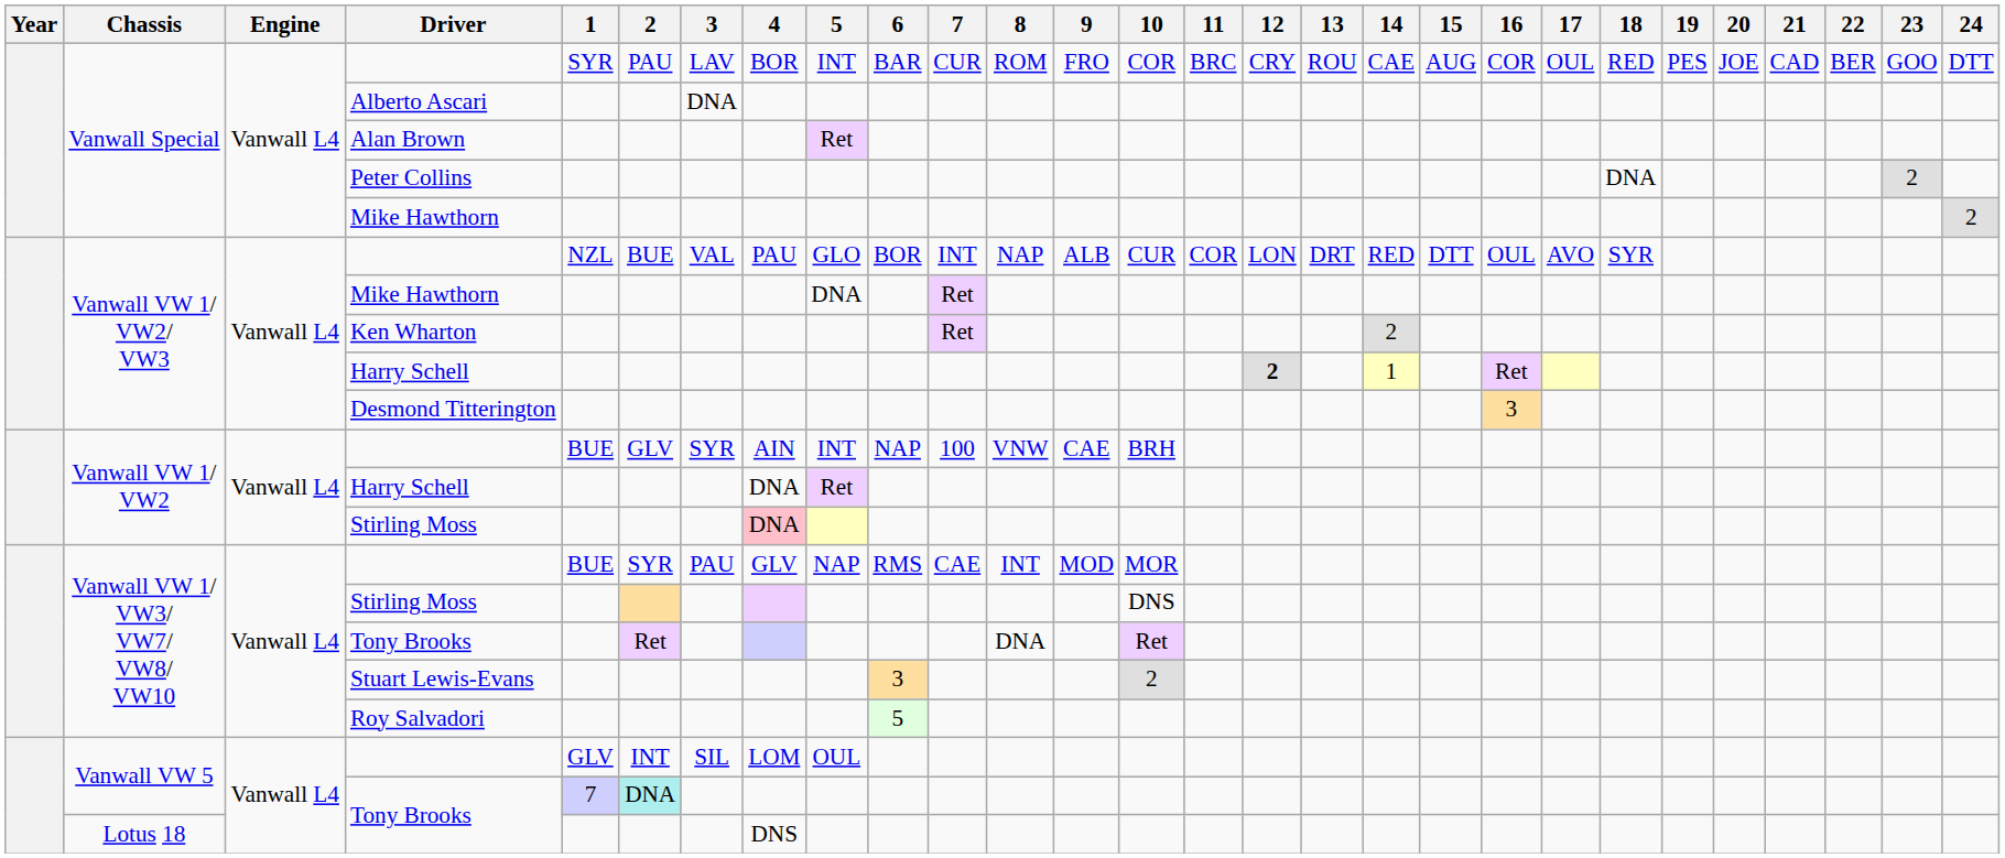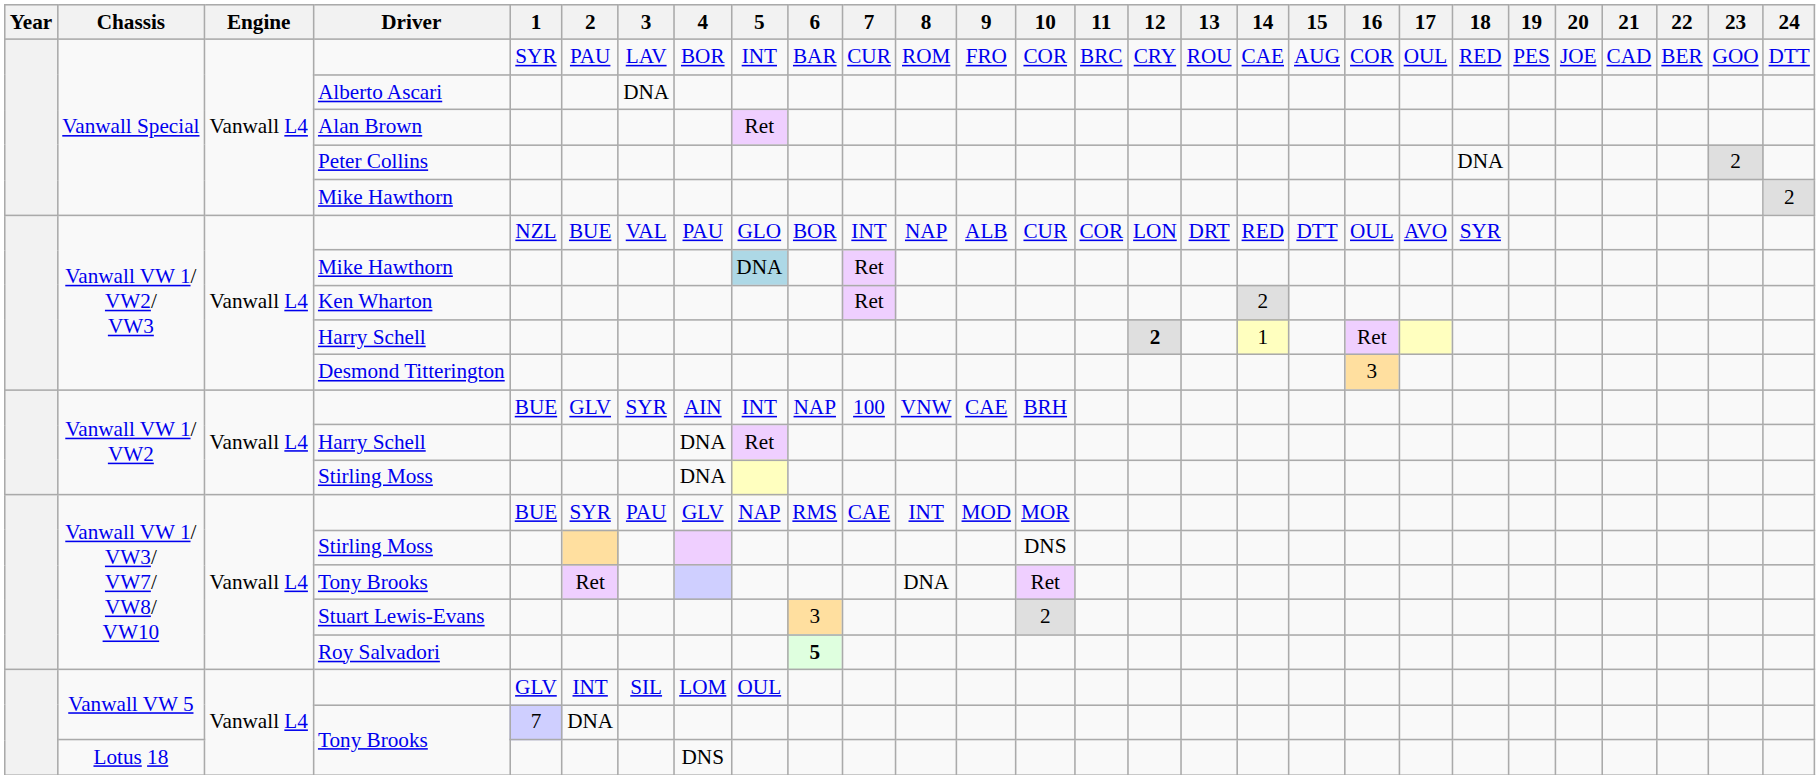 <table class="wikitable" style="text-align:center; font-size:85%">
 <tr>
 <th>Year</th>
 <th>Chassis</th>
 <th>Engine</th>
 <th>Driver</th>
 <th>1</th>
 <th>2</th>
 <th>3</th>
 <th>4</th>
 <th>5</th>
 <th>6</th>
 <th>7</th>
 <th>8</th>
 <th>9</th>
 <th>10</th>
 <th>11</th>
 <th>12</th>
 <th>13</th>
 <th>14</th>
 <th>15</th>
 <th>16</th>
 <th>17</th>
 <th>18</th>
 <th>19</th>
 <th>20</th>
 <th>21</th>
 <th>22</th>
 <th>23</th>
 <th>24</th>
 </tr>
 <tr>
 <th rowspan="5"></th>
 <td rowspan="5"><a href='#'>Vanwall Special</a></td>
 <td rowspan="5">Vanwall <a href='#'>L4</a></td>
 <td></td>
 <td><a href='#'>SYR</a></td>
 <td><a href='#'>PAU</a></td>
 <td><a href='#'>LAV</a></td>
 <td><a href='#'>BOR</a></td>
 <td><a href='#'>INT</a></td>
 <td><a href='#'>BAR</a></td>
 <td><a href='#'>CUR</a></td>
 <td><a href='#'>ROM</a></td>
 <td><a href='#'>FRO</a></td>
 <td><a href='#'>COR</a></td>
 <td><a href='#'>BRC</a></td>
 <td><a href='#'>CRY</a></td>
 <td><a href='#'>ROU</a></td>
 <td><a href='#'>CAE</a></td>
 <td><a href='#'>AUG</a></td>
 <td><a href='#'>COR</a></td>
 <td><a href='#'>OUL</a></td>
 <td><a href='#'>RED</a></td>
 <td><a href='#'>PES</a></td>
 <td><a href='#'>JOE</a></td>
 <td><a href='#'>CAD</a></td>
 <td><a href='#'>BER</a></td>
 <td><a href='#'>GOO</a></td>
 <td><a href='#'>DTT</a></td>
 </tr>
 <tr>
 <td align="left"> <a href='#'>Alberto Ascari</a></td>
 <td></td>
 <td></td>
 <td>DNA</td>
 <td></td>
 <td></td>
 <td></td>
 <td></td>
 <td></td>
 <td></td>
 <td></td>
 <td></td>
 <td></td>
 <td></td>
 <td></td>
 <td></td>
 <td></td>
 <td></td>
 <td></td>
 <td></td>
 <td></td>
 <td></td>
 <td></td>
 <td></td>
 <td></td>
 </tr>
 <tr>
 <td align="left"> <a href='#'>Alan Brown</a></td>
 <td></td>
 <td></td>
 <td></td>
 <td></td>
 <td style="background:#EFCFFF;">Ret</td>
 <td></td>
 <td></td>
 <td></td>
 <td></td>
 <td></td>
 <td></td>
 <td></td>
 <td></td>
 <td></td>
 <td></td>
 <td></td>
 <td></td>
 <td></td>
 <td></td>
 <td></td>
 <td></td>
 <td></td>
 <td></td>
 <td></td>
 </tr>
 <tr>
 <td align="left"> <a href='#'>Peter Collins</a></td>
 <td></td>
 <td></td>
 <td></td>
 <td></td>
 <td></td>
 <td></td>
 <td></td>
 <td></td>
 <td></td>
 <td></td>
 <td></td>
 <td></td>
 <td></td>
 <td></td>
 <td></td>
 <td></td>
 <td></td>
 <td>DNA</td>
 <td></td>
 <td></td>
 <td></td>
 <td></td>
 <td style="background:#DFDFDF;">2</td>
 <td></td>
 </tr>
 <tr>
 <td align="left"> <a href='#'>Mike Hawthorn</a></td>
 <td></td>
 <td></td>
 <td></td>
 <td></td>
 <td></td>
 <td></td>
 <td></td>
 <td></td>
 <td></td>
 <td></td>
 <td></td>
 <td></td>
 <td></td>
 <td></td>
 <td></td>
 <td></td>
 <td></td>
 <td></td>
 <td></td>
 <td></td>
 <td></td>
 <td></td>
 <td></td>
 <td style="background:#DFDFDF;">2</td>
 </tr>
 <tr>
 <th rowspan="5"></th>
 <td rowspan="5"><a href='#'>Vanwall VW 1</a>/<br><a href='#'>VW2</a>/<br><a href='#'>VW3</a></td>
 <td rowspan="5">Vanwall <a href='#'>L4</a></td>
 <td></td>
 <td><a href='#'>NZL</a></td>
 <td><a href='#'>BUE</a></td>
 <td><a href='#'>VAL</a></td>
 <td><a href='#'>PAU</a></td>
 <td><a href='#'>GLO</a></td>
 <td><a href='#'>BOR</a></td>
 <td><a href='#'>INT</a></td>
 <td><a href='#'>NAP</a></td>
 <td><a href='#'>ALB</a></td>
 <td><a href='#'>CUR</a></td>
 <td><a href='#'>COR</a></td>
 <td><a href='#'>LON</a></td>
 <td><a href='#'>DRT</a></td>
 <td><a href='#'>RED</a></td>
 <td><a href='#'>DTT</a></td>
 <td><a href='#'>OUL</a></td>
 <td><a href='#'>AVO</a></td>
 <td><a href='#'>SYR</a></td>
 <td></td>
 <td></td>
 <td></td>
 <td></td>
 <td></td>
 <td></td>
 </tr>
 <tr>
 <td align="left"> <a href='#'>Mike Hawthorn</a></td>
 <td></td>
 <td></td>
 <td></td>
 <td></td>
-<td>DNA</td>
+<td style="background: lightblue;">DNA</td>
 <td></td>
 <td style="background:#EFCFFF;">Ret</td>
 <td></td>
 <td></td>
 <td></td>
 <td></td>
 <td></td>
 <td></td>
 <td></td>
 <td></td>
 <td></td>
 <td></td>
 <td></td>
 <td></td>
 <td></td>
 <td></td>
 <td></td>
 <td></td>
 <td></td>
 </tr>
 <tr>
 <td align="left"> <a href='#'>Ken Wharton</a></td>
 <td></td>
 <td></td>
 <td></td>
 <td></td>
 <td></td>
 <td></td>
 <td style="background:#EFCFFF;">Ret</td>
 <td></td>
 <td></td>
 <td></td>
 <td></td>
 <td></td>
 <td></td>
 <td style="background:#DFDFDF;">2</td>
 <td></td>
 <td></td>
 <td></td>
 <td></td>
 <td></td>
 <td></td>
 <td></td>
 <td></td>
 <td></td>
 <td></td>
 </tr>
 <tr>
 <td align="left"> <a href='#'>Harry Schell</a></td>
 <td></td>
 <td></td>
 <td></td>
 <td></td>
 <td></td>
 <td></td>
 <td></td>
 <td></td>
 <td></td>
 <td></td>
 <td></td>
 <td style="background:#DFDFDF;"><strong>2</strong></td>
 <td></td>
 <td style="background:#FFFFBF;">1</td>
 <td></td>
 <td style="background:#EFCFFF;">Ret</td>
 <td style="background:#FFFFBF;"></td>
 <td></td>
 <td></td>
 <td></td>
 <td></td>
 <td></td>
 <td></td>
 <td></td>
 </tr>
 <tr>
 <td align="left"> <a href='#'>Desmond Titterington</a></td>
 <td></td>
 <td></td>
 <td></td>
 <td></td>
 <td></td>
 <td></td>
 <td></td>
 <td></td>
 <td></td>
 <td></td>
 <td></td>
 <td></td>
 <td></td>
 <td></td>
 <td></td>
 <td style="background:#FFDF9F;">3</td>
 <td></td>
 <td></td>
 <td></td>
 <td></td>
 <td></td>
 <td></td>
 <td></td>
 <td></td>
 </tr>
 <tr>
 <th rowspan="3"></th>
 <td rowspan="3"><a href='#'>Vanwall VW 1</a>/<br><a href='#'>VW2</a></td>
 <td rowspan="3">Vanwall <a href='#'>L4</a></td>
 <td></td>
 <td><a href='#'>BUE</a></td>
 <td><a href='#'>GLV</a></td>
 <td><a href='#'>SYR</a></td>
 <td><a href='#'>AIN</a></td>
 <td><a href='#'>INT</a></td>
 <td><a href='#'>NAP</a></td>
 <td><a href='#'>100</a></td>
 <td><a href='#'>VNW</a></td>
 <td><a href='#'>CAE</a></td>
 <td><a href='#'>BRH</a></td>
 <td></td>
 <td></td>
 <td></td>
 <td></td>
 <td></td>
 <td></td>
 <td></td>
 <td></td>
 <td></td>
 <td></td>
 <td></td>
 <td></td>
 <td></td>
 <td></td>
 </tr>
 <tr>
 <td align="left"> <a href='#'>Harry Schell</a></td>
 <td></td>
 <td></td>
 <td></td>
 <td>DNA</td>
 <td style="background:#EFCFFF;">Ret</td>
 <td></td>
 <td></td>
 <td></td>
 <td></td>
 <td></td>
 <td></td>
 <td></td>
 <td></td>
 <td></td>
 <td></td>
 <td></td>
 <td></td>
 <td></td>
 <td></td>
 <td></td>
 <td></td>
 <td></td>
 <td></td>
 <td></td>
 </tr>
 <tr>
 <td align="left"> <a href='#'>Stirling Moss</a></td>
 <td></td>
 <td></td>
 <td></td>
-<td style="background: pink;">DNA</td>
+<td>DNA</td>
 <td style="background:#FFFFBF;"></td>
 <td></td>
 <td></td>
 <td></td>
 <td></td>
 <td></td>
 <td></td>
 <td></td>
 <td></td>
 <td></td>
 <td></td>
 <td></td>
 <td></td>
 <td></td>
 <td></td>
 <td></td>
 <td></td>
 <td></td>
 <td></td>
 <td></td>
 </tr>
 <tr>
 <th rowspan="5"></th>
 <td rowspan="5"><a href='#'>Vanwall VW 1</a>/<br><a href='#'>VW3</a>/<br><a href='#'>VW7</a>/<br><a href='#'>VW8</a>/<br><a href='#'>VW10</a></td>
 <td rowspan="5">Vanwall <a href='#'>L4</a></td>
 <td></td>
 <td><a href='#'>BUE</a></td>
 <td><a href='#'>SYR</a></td>
 <td><a href='#'>PAU</a></td>
 <td><a href='#'>GLV</a></td>
 <td><a href='#'>NAP</a></td>
 <td><a href='#'>RMS</a></td>
 <td><a href='#'>CAE</a></td>
 <td><a href='#'>INT</a></td>
 <td><a href='#'>MOD</a></td>
 <td><a href='#'>MOR</a></td>
 <td></td>
 <td></td>
 <td></td>
 <td></td>
 <td></td>
 <td></td>
 <td></td>
 <td></td>
 <td></td>
 <td></td>
 <td></td>
 <td></td>
 <td></td>
 <td></td>
 </tr>
 <tr>
 <td align="left"> <a href='#'>Stirling Moss</a></td>
 <td></td>
 <td style="background:#FFDF9F;"></td>
 <td></td>
 <td style="background:#EFCFFF;"></td>
 <td></td>
 <td></td>
 <td></td>
 <td></td>
 <td></td>
 <td>DNS</td>
 <td></td>
 <td></td>
 <td></td>
 <td></td>
 <td></td>
 <td></td>
 <td></td>
 <td></td>
 <td></td>
 <td></td>
 <td></td>
 <td></td>
 <td></td>
 <td></td>
 </tr>
 <tr>
 <td align="left"> <a href='#'>Tony Brooks</a></td>
 <td></td>
 <td style="background:#EFCFFF;">Ret</td>
 <td></td>
 <td style="background:#CFCFFF;"></td>
 <td></td>
 <td></td>
 <td></td>
 <td>DNA</td>
 <td></td>
 <td style="background:#EFCFFF;">Ret</td>
 <td></td>
 <td></td>
 <td></td>
 <td></td>
 <td></td>
 <td></td>
 <td></td>
 <td></td>
 <td></td>
 <td></td>
 <td></td>
 <td></td>
 <td></td>
 <td></td>
 </tr>
 <tr>
 <td align="left"> <a href='#'>Stuart Lewis-Evans</a></td>
 <td></td>
 <td></td>
 <td></td>
 <td></td>
 <td></td>
 <td style="background:#FFDF9F;">3</td>
 <td></td>
 <td></td>
 <td></td>
 <td style="background:#DFDFDF;">2</td>
 <td></td>
 <td></td>
 <td></td>
 <td></td>
 <td></td>
 <td></td>
 <td></td>
 <td></td>
 <td></td>
 <td></td>
 <td></td>
 <td></td>
 <td></td>
 <td></td>
 </tr>
 <tr>
 <td align="left"> <a href='#'>Roy Salvadori</a></td>
 <td></td>
 <td></td>
 <td></td>
 <td></td>
 <td></td>
-<td style="background:#DFFFDF;">5</td>
+<td style="background:#DFFFDF;"><strong>5</strong></td>
 <td></td>
 <td></td>
 <td></td>
 <td></td>
 <td></td>
 <td></td>
 <td></td>
 <td></td>
 <td></td>
 <td></td>
 <td></td>
 <td></td>
 <td></td>
 <td></td>
 <td></td>
 <td></td>
 <td></td>
 <td></td>
 </tr>
 <tr>
 <th rowspan="3"></th>
 <td rowspan="2"><a href='#'>Vanwall VW 5</a></td>
 <td rowspan="3">Vanwall <a href='#'>L4</a></td>
 <td></td>
 <td><a href='#'>GLV</a></td>
 <td><a href='#'>INT</a></td>
 <td><a href='#'>SIL</a></td>
 <td><a href='#'>LOM</a></td>
 <td><a href='#'>OUL</a></td>
 <td></td>
 <td></td>
 <td></td>
 <td></td>
 <td></td>
 <td></td>
 <td></td>
 <td></td>
 <td></td>
 <td></td>
 <td></td>
 <td></td>
 <td></td>
 <td></td>
 <td></td>
 <td></td>
 <td></td>
 <td></td>
 <td></td>
 </tr>
 <tr>
 <td align="left" rowspan="2"> <a href='#'>Tony Brooks</a></td>
 <td style="background-color:#CFCFFF">7</td>
-<td style="background: paleturquoise;">DNA</td>
+<td>DNA</td>
 <td></td>
 <td></td>
 <td></td>
 <td></td>
 <td></td>
 <td></td>
 <td></td>
 <td></td>
 <td></td>
 <td></td>
 <td></td>
 <td></td>
 <td></td>
 <td></td>
 <td></td>
 <td></td>
 <td></td>
 <td></td>
 <td></td>
 <td></td>
 <td></td>
 <td></td>
 </tr>
 <tr>
 <td><a href='#'>Lotus</a> <a href='#'>18</a></td>
 <td></td>
 <td></td>
 <td></td>
 <td>DNS</td>
 <td></td>
 <td></td>
 <td></td>
 <td></td>
 <td></td>
 <td></td>
 <td></td>
 <td></td>
 <td></td>
 <td></td>
 <td></td>
 <td></td>
 <td></td>
 <td></td>
 <td></td>
 <td></td>
 <td></td>
 <td></td>
 <td></td>
 <td></td>
 </tr>
 <tr>
 </tr>
 </table>
